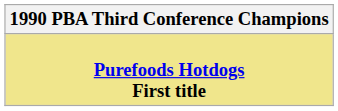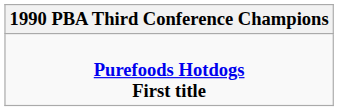 <table class=wikitable style="text-align:center; margin:auto">
 <tr>
 <th>1990 PBA Third Conference Champions</th>
 </tr>
 <tr>
-<td style="background: khaki;"><br> <strong><a href='#'>Purefoods Hotdogs</a></strong> <br> <strong>First title</strong></td>
+<td><br> <strong><a href='#'>Purefoods Hotdogs</a></strong> <br> <strong>First title</strong></td>
 </tr>
 </table>
